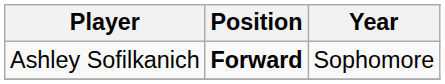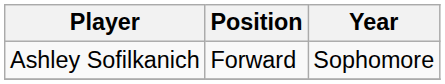 <table class="wikitable" border="1">
 <tr align=center>
 <th>Player</th>
 <th>Position</th>
 <th>Year</th>
 </tr>
 <tr>
 <td>Ashley Sofilkanich</td>
-<td><strong>Forward</strong></td>
+<td>Forward</td>
 <td>Sophomore</td>
 </tr>
 <tr>
 </tr>
 </table>
